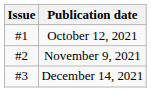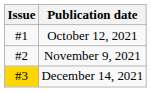 <table class="wikitable" style="text-align:center;">
 <tr>
 <th>Issue</th>
 <th>Publication date</th>
 </tr>
 <tr>
 <td>#1</td>
 <td>October 12, 2021</td>
 </tr>
 <tr>
 <td>#2</td>
 <td>November 9, 2021</td>
 </tr>
 <tr>
-<td>#3</td>
+<td style="background: gold;">#3</td>
 <td>December 14, 2021</td>
 </tr>
 </table>
